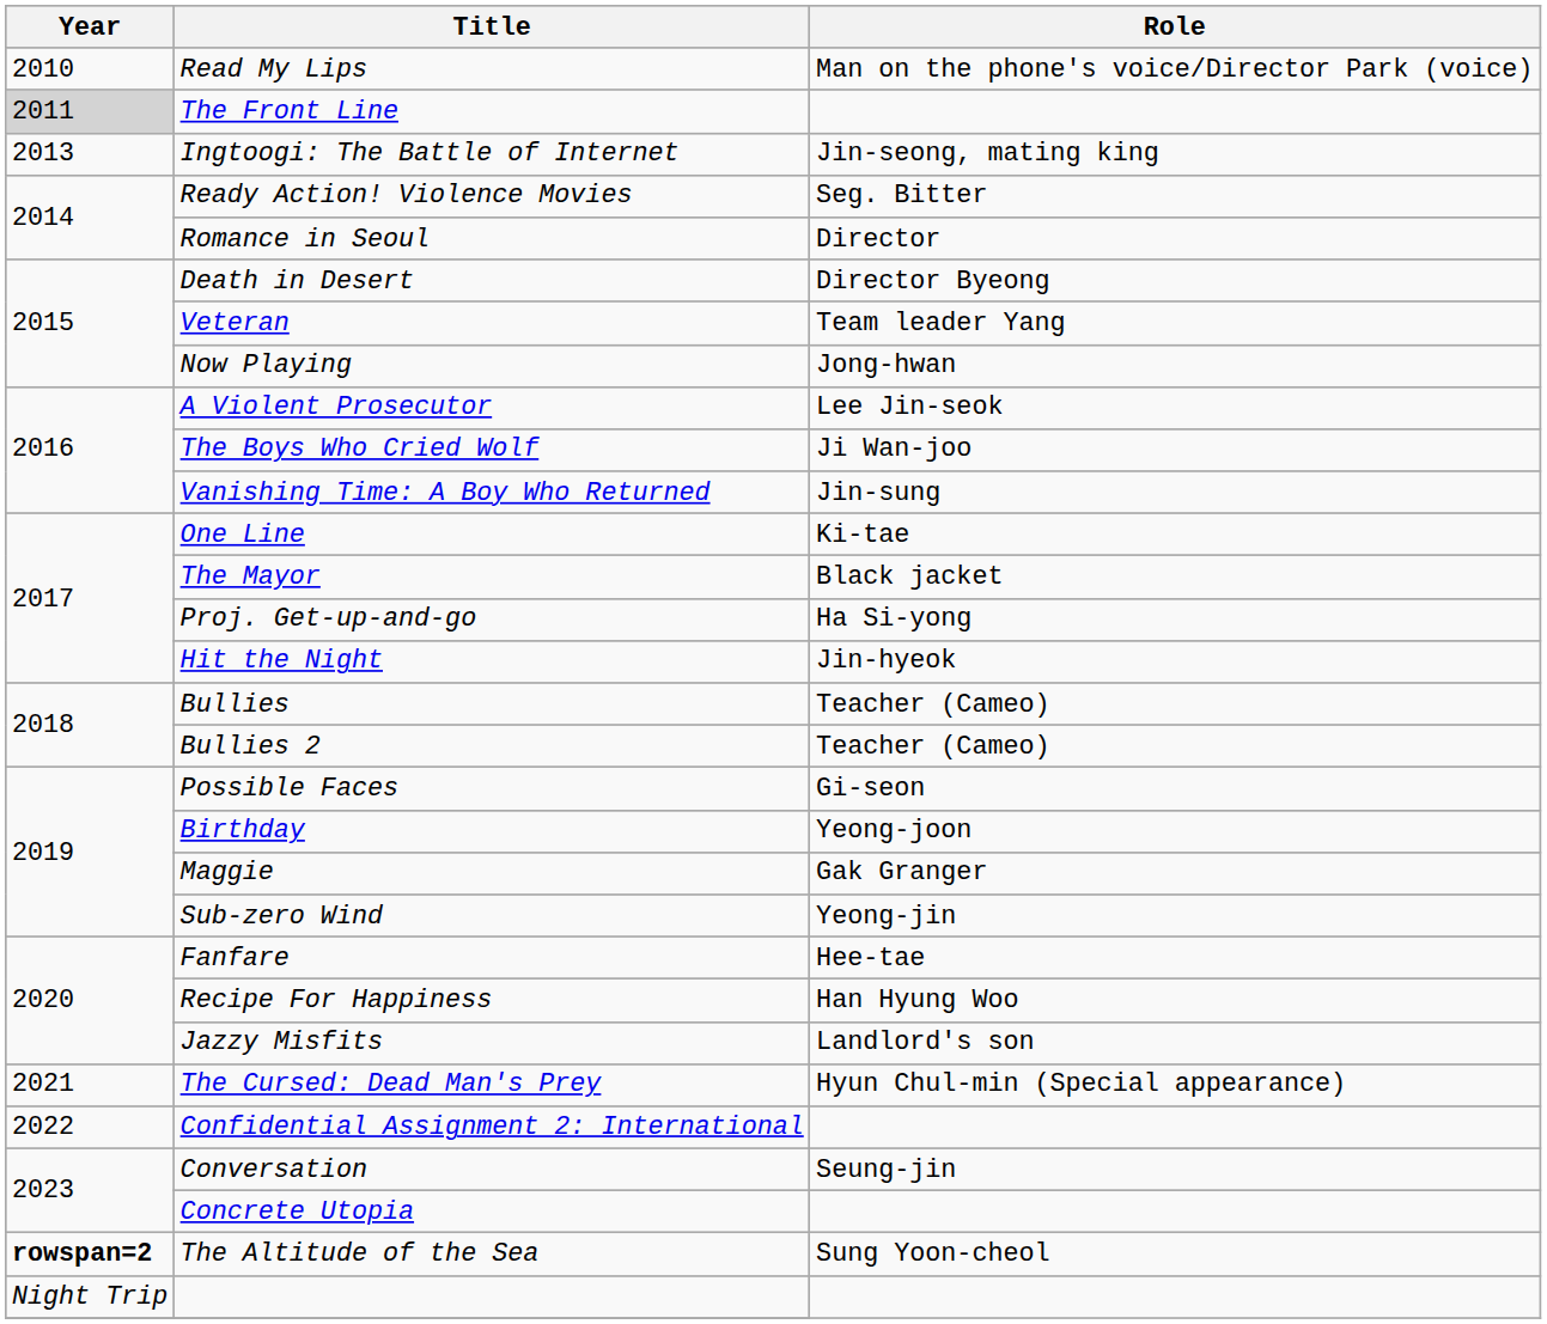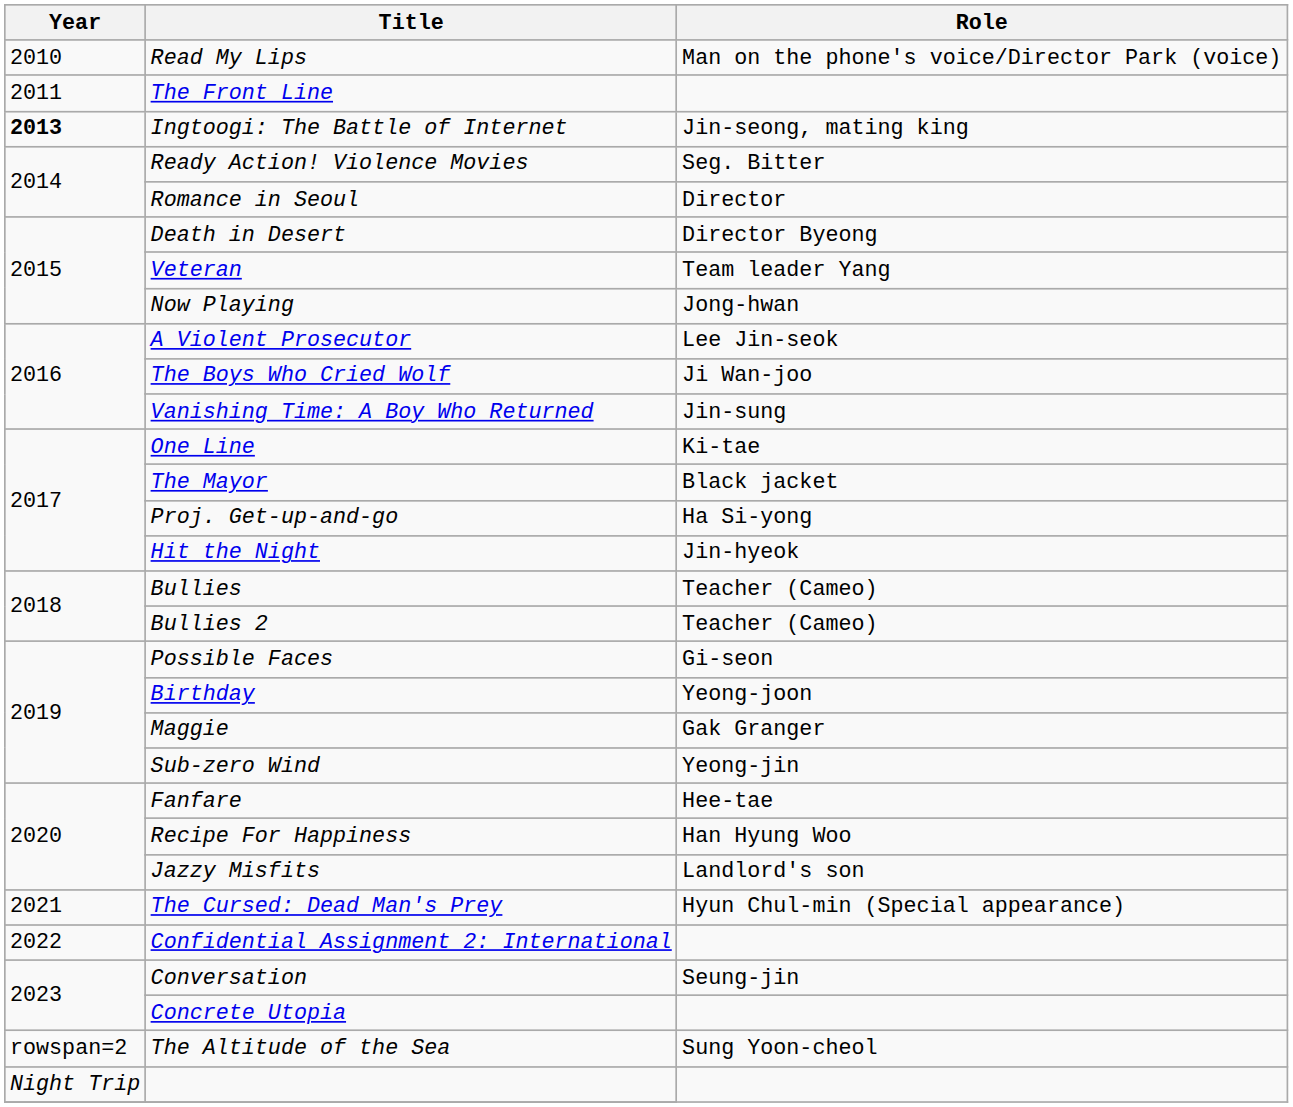 <table class="wikitable">
 <tr>
 <th>Year</th>
 <th>Title</th>
 <th>Role</th>
 </tr>
 <tr>
 <td>2010</td>
 <td><em>Read My Lips</em></td>
 <td>Man on the phone's voice/Director Park (voice)</td>
 </tr>
 <tr>
-<td style="background: lightgrey;">2011</td>
+<td>2011</td>
 <td><em><a href='#'>The Front Line</a></em></td>
 <td></td>
 </tr>
 <tr>
-<td>2013</td>
+<td><strong>2013</strong></td>
 <td><em>Ingtoogi: The Battle of Internet</em></td>
 <td>Jin-seong, mating king</td>
 </tr>
 <tr>
 <td rowspan=2>2014</td>
 <td><em>Ready Action! Violence Movies</em></td>
 <td>Seg. Bitter</td>
 </tr>
 <tr>
 <td><em>Romance in Seoul</em></td>
 <td>Director</td>
 </tr>
 <tr>
 <td rowspan=3>2015</td>
 <td><em>Death in Desert</em></td>
 <td>Director Byeong</td>
 </tr>
 <tr>
 <td><em><a href='#'>Veteran</a></em></td>
 <td>Team leader Yang</td>
 </tr>
 <tr>
 <td><em>Now Playing</em></td>
 <td>Jong-hwan</td>
 </tr>
 <tr>
 <td rowspan=3>2016</td>
 <td><em><a href='#'>A Violent Prosecutor</a></em></td>
 <td>Lee Jin-seok</td>
 </tr>
 <tr>
 <td><em><a href='#'>The Boys Who Cried Wolf</a></em></td>
 <td>Ji Wan-joo</td>
 </tr>
 <tr>
 <td><em><a href='#'>Vanishing Time: A Boy Who Returned</a></em></td>
 <td>Jin-sung</td>
 </tr>
 <tr>
 <td rowspan=4>2017</td>
 <td><em><a href='#'>One Line</a></em></td>
 <td>Ki-tae</td>
 </tr>
 <tr>
 <td><em><a href='#'>The Mayor</a></em></td>
 <td>Black jacket</td>
 </tr>
 <tr>
 <td><em>Proj. Get-up-and-go</em></td>
 <td>Ha Si-yong</td>
 </tr>
 <tr>
 <td><em><a href='#'>Hit the Night</a></em></td>
 <td>Jin-hyeok</td>
 </tr>
 <tr>
 <td rowspan=2>2018</td>
 <td><em>Bullies</em></td>
 <td>Teacher (Cameo)</td>
 </tr>
 <tr>
 <td><em>Bullies 2</em></td>
 <td>Teacher (Cameo)</td>
 </tr>
 <tr>
 <td rowspan=4>2019</td>
 <td><em>Possible Faces</em></td>
 <td>Gi-seon</td>
 </tr>
 <tr>
 <td><em><a href='#'>Birthday</a></em></td>
 <td>Yeong-joon</td>
 </tr>
 <tr>
 <td><em>Maggie</em></td>
 <td>Gak Granger</td>
 </tr>
 <tr>
 <td><em>Sub-zero Wind</em></td>
 <td>Yeong-jin</td>
 </tr>
 <tr>
 <td rowspan=3>2020</td>
 <td><em>Fanfare</em></td>
 <td>Hee-tae</td>
 </tr>
 <tr>
 <td><em>Recipe For Happiness</em></td>
 <td>Han Hyung Woo</td>
 </tr>
 <tr>
 <td><em>Jazzy Misfits</em></td>
 <td>Landlord's son</td>
 </tr>
 <tr>
 <td>2021</td>
 <td><em><a href='#'>The Cursed: Dead Man's Prey</a></em></td>
 <td>Hyun Chul-min (Special appearance) </td>
 </tr>
 <tr>
 <td>2022</td>
 <td><em><a href='#'>Confidential Assignment 2: International</a></em></td>
 <td></td>
 </tr>
 <tr>
 <td rowspan=2>2023</td>
 <td><em>Conversation</em></td>
 <td>Seung-jin</td>
 </tr>
 <tr>
 <td><em><a href='#'>Concrete Utopia</a></em></td>
 <td></td>
 </tr>
 <tr>
-<td><strong>rowspan=2 </strong></td>
+<td>rowspan=2 </td>
 <td><em>The Altitude of the Sea</em></td>
 <td>Sung Yoon-cheol</td>
 </tr>
 <tr>
 <td><em>Night Trip</em></td>
 <td></td>
 </tr>
 <tr>
 </tr>
 </table>
